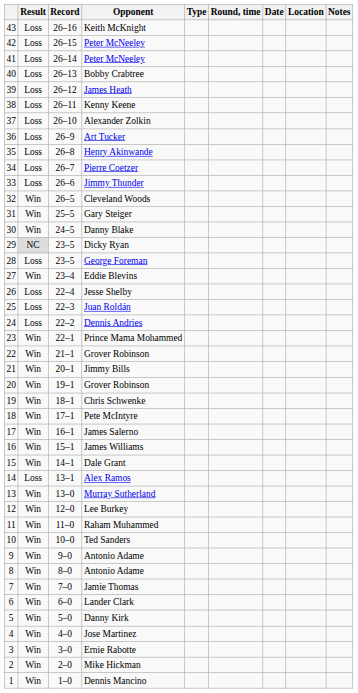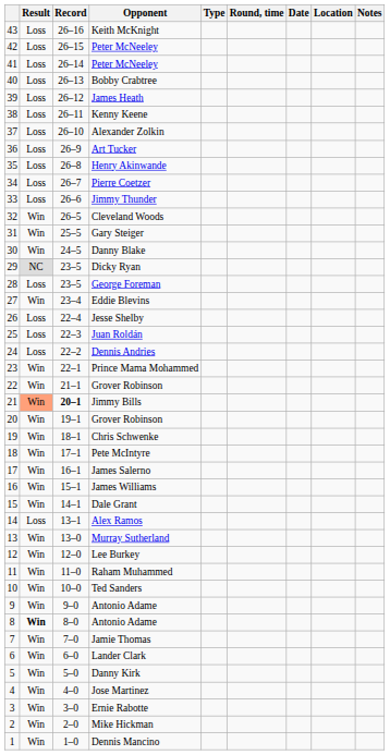 <table class="wikitable" style="text-align:center; font-size:95%">
 <tr>
 <th></th>
 <th>Result</th>
 <th>Record</th>
 <th>Opponent</th>
 <th>Type</th>
 <th>Round, time</th>
 <th>Date</th>
 <th>Location</th>
 <th>Notes</th>
 </tr>
 <tr>
 <td>43</td>
 <td>Loss</td>
 <td>26–16 </td>
 <td align=left> Keith McKnight</td>
 <td></td>
 <td></td>
 <td></td>
 <td align=left> </td>
 <td align=left></td>
 </tr>
 <tr>
 <td>42</td>
 <td>Loss</td>
 <td>26–15 </td>
 <td align=left> <a href='#'>Peter McNeeley</a></td>
 <td></td>
 <td></td>
 <td></td>
 <td align=left> </td>
 <td align=left></td>
 </tr>
 <tr>
 <td>41</td>
 <td>Loss</td>
 <td>26–14 </td>
 <td align=left> <a href='#'>Peter McNeeley</a></td>
 <td></td>
 <td></td>
 <td></td>
 <td align=left> </td>
 <td align=left></td>
 </tr>
 <tr>
 <td>40</td>
 <td>Loss</td>
 <td>26–13 </td>
 <td align=left> Bobby Crabtree</td>
 <td></td>
 <td></td>
 <td></td>
 <td align=left> </td>
 <td align=left></td>
 </tr>
 <tr>
 <td>39</td>
 <td>Loss</td>
 <td>26–12 </td>
 <td align=left> <a href='#'>James Heath</a></td>
 <td></td>
 <td></td>
 <td></td>
 <td align=left> </td>
 <td align=left></td>
 </tr>
 <tr>
 <td>38</td>
 <td>Loss</td>
 <td>26–11 </td>
 <td align=left> Kenny Keene</td>
 <td></td>
 <td></td>
 <td></td>
 <td align=left> </td>
 <td align=left></td>
 </tr>
 <tr>
 <td>37</td>
 <td>Loss</td>
 <td>26–10 </td>
 <td align=left> Alexander Zolkin</td>
 <td></td>
 <td></td>
 <td></td>
 <td align=left> </td>
 <td align=left></td>
 </tr>
 <tr>
 <td>36</td>
 <td>Loss</td>
 <td>26–9 </td>
 <td align=left> <a href='#'>Art Tucker</a></td>
 <td></td>
 <td></td>
 <td></td>
 <td align=left> </td>
 <td align=left></td>
 </tr>
 <tr>
 <td>35</td>
 <td>Loss</td>
 <td>26–8 </td>
 <td align=left> <a href='#'>Henry Akinwande</a></td>
 <td></td>
 <td></td>
 <td></td>
 <td align=left> </td>
 <td align=left></td>
 </tr>
 <tr>
 <td>34</td>
 <td>Loss</td>
 <td>26–7 </td>
 <td align=left> <a href='#'>Pierre Coetzer</a></td>
 <td></td>
 <td></td>
 <td></td>
 <td align=left> </td>
 <td align=left></td>
 </tr>
 <tr>
 <td>33</td>
 <td>Loss</td>
 <td>26–6 </td>
 <td align=left> <a href='#'>Jimmy Thunder</a></td>
 <td></td>
 <td></td>
 <td></td>
 <td align=left> </td>
 <td align=left></td>
 </tr>
 <tr>
 <td>32</td>
 <td>Win</td>
 <td>26–5 </td>
 <td align=left> Cleveland Woods</td>
 <td></td>
 <td></td>
 <td></td>
 <td align=left> </td>
 <td align=left></td>
 </tr>
 <tr>
 <td>31</td>
 <td>Win</td>
 <td>25–5 </td>
 <td align=left> Gary Steiger</td>
 <td></td>
 <td></td>
 <td></td>
 <td align=left> </td>
 <td align=left></td>
 </tr>
 <tr>
 <td>30</td>
 <td>Win</td>
 <td>24–5 </td>
 <td align=left> Danny Blake</td>
 <td></td>
 <td></td>
 <td></td>
 <td align=left> </td>
 <td align=left></td>
 </tr>
 <tr>
 <td>29</td>
 <td style="background:#DDD">NC</td>
 <td>23–5 </td>
 <td align=left> Dicky Ryan</td>
 <td></td>
 <td></td>
 <td></td>
 <td align=left> </td>
 <td align=left></td>
 </tr>
 <tr>
 <td>28</td>
 <td>Loss</td>
 <td>23–5</td>
 <td align=left> <a href='#'>George Foreman</a></td>
 <td></td>
 <td></td>
 <td></td>
 <td align=left> </td>
 <td align=left></td>
 </tr>
 <tr>
 <td>27</td>
 <td>Win</td>
 <td>23–4</td>
 <td align=left> Eddie Blevins</td>
 <td></td>
 <td></td>
 <td></td>
 <td align=left> </td>
 <td align=left></td>
 </tr>
 <tr>
 <td>26</td>
 <td>Loss</td>
 <td>22–4</td>
 <td align=left> Jesse Shelby</td>
 <td></td>
 <td></td>
 <td></td>
 <td align=left> </td>
 <td align=left></td>
 </tr>
 <tr>
 <td>25</td>
 <td>Loss</td>
 <td>22–3</td>
 <td align=left> <a href='#'>Juan Roldán</a></td>
 <td></td>
 <td></td>
 <td></td>
 <td align=left> </td>
 <td align=left></td>
 </tr>
 <tr>
 <td>24</td>
 <td>Loss</td>
 <td>22–2</td>
 <td align=left> <a href='#'>Dennis Andries</a></td>
 <td></td>
 <td></td>
 <td></td>
 <td align=left> </td>
 <td align=left></td>
 </tr>
 <tr>
 <td>23</td>
 <td>Win</td>
 <td>22–1</td>
 <td align=left> Prince Mama Mohammed</td>
 <td></td>
 <td></td>
 <td></td>
 <td align=left> </td>
 <td align=left></td>
 </tr>
 <tr>
 <td>22</td>
 <td>Win</td>
 <td>21–1</td>
 <td align=left> Grover Robinson</td>
 <td></td>
 <td></td>
 <td></td>
 <td align=left> </td>
 <td align=left></td>
 </tr>
 <tr>
 <td>21</td>
-<td>Win</td>
-<td>20–1</td>
+<td style="background: lightsalmon;">Win</td>
+<td><strong>20–1</strong></td>
 <td align=left> Jimmy Bills</td>
 <td></td>
 <td></td>
 <td></td>
 <td align=left> </td>
 <td align=left></td>
 </tr>
 <tr>
 <td>20</td>
 <td>Win</td>
 <td>19–1</td>
 <td align=left> Grover Robinson</td>
 <td></td>
 <td></td>
 <td></td>
 <td align=left> </td>
 <td align=left></td>
 </tr>
 <tr>
 <td>19</td>
 <td>Win</td>
 <td>18–1</td>
 <td align=left> Chris Schwenke</td>
 <td></td>
 <td></td>
 <td></td>
 <td align=left> </td>
 <td align=left></td>
 </tr>
 <tr>
 <td>18</td>
 <td>Win</td>
 <td>17–1</td>
 <td align=left> Pete McIntyre</td>
 <td></td>
 <td></td>
 <td></td>
 <td align=left> </td>
 <td align=left></td>
 </tr>
 <tr>
 <td>17</td>
 <td>Win</td>
 <td>16–1</td>
 <td align=left> James Salerno</td>
 <td></td>
 <td></td>
 <td></td>
 <td align=left> </td>
 <td align=left></td>
 </tr>
 <tr>
 <td>16</td>
 <td>Win</td>
 <td>15–1</td>
 <td align=left> James Williams</td>
 <td></td>
 <td></td>
 <td></td>
 <td align=left> </td>
 <td align=left></td>
 </tr>
 <tr>
 <td>15</td>
 <td>Win</td>
 <td>14–1</td>
 <td align=left> Dale Grant</td>
 <td></td>
 <td></td>
 <td></td>
 <td align=left> </td>
 <td align=left></td>
 </tr>
 <tr>
 <td>14</td>
 <td>Loss</td>
 <td>13–1</td>
 <td align=left> <a href='#'>Alex Ramos</a></td>
 <td></td>
 <td></td>
 <td></td>
 <td align=left> </td>
 <td align=left></td>
 </tr>
 <tr>
 <td>13</td>
 <td>Win</td>
 <td>13–0</td>
 <td align=left> <a href='#'>Murray Sutherland</a></td>
 <td></td>
 <td></td>
 <td></td>
 <td align=left> </td>
 <td align=left></td>
 </tr>
 <tr>
 <td>12</td>
 <td>Win</td>
 <td>12–0</td>
 <td align=left> Lee Burkey</td>
 <td></td>
 <td></td>
 <td></td>
 <td align=left> </td>
 <td align=left></td>
 </tr>
 <tr>
 <td>11</td>
 <td>Win</td>
 <td>11–0</td>
 <td align=left> Raham Muhammed</td>
 <td></td>
 <td></td>
 <td></td>
 <td align=left> </td>
 <td align=left></td>
 </tr>
 <tr>
 <td>10</td>
 <td>Win</td>
 <td>10–0</td>
 <td align=left> Ted Sanders</td>
 <td></td>
 <td></td>
 <td></td>
 <td align=left> </td>
 <td align=left></td>
 </tr>
 <tr>
 <td>9</td>
 <td>Win</td>
 <td>9–0</td>
 <td align=left> Antonio Adame</td>
 <td></td>
 <td></td>
 <td></td>
 <td align=left> </td>
 <td align=left></td>
 </tr>
 <tr>
 <td>8</td>
-<td>Win</td>
+<td><strong>Win</strong></td>
 <td>8–0</td>
 <td align=left> Antonio Adame</td>
 <td></td>
 <td></td>
 <td></td>
 <td align=left> </td>
 <td align=left></td>
 </tr>
 <tr>
 <td>7</td>
 <td>Win</td>
 <td>7–0</td>
 <td align=left> Jamie Thomas</td>
 <td></td>
 <td></td>
 <td></td>
 <td align=left> </td>
 <td align=left></td>
 </tr>
 <tr>
 <td>6</td>
 <td>Win</td>
 <td>6–0</td>
 <td align=left> Lander Clark</td>
 <td></td>
 <td></td>
 <td></td>
 <td align=left> </td>
 <td align=left></td>
 </tr>
 <tr>
 <td>5</td>
 <td>Win</td>
 <td>5–0</td>
 <td align=left> Danny Kirk</td>
 <td></td>
 <td></td>
 <td></td>
 <td align=left> </td>
 <td align=left></td>
 </tr>
 <tr>
 <td>4</td>
 <td>Win</td>
 <td>4–0</td>
 <td align=left> Jose Martinez</td>
 <td></td>
 <td></td>
 <td></td>
 <td align=left> </td>
 <td align=left></td>
 </tr>
 <tr>
 <td>3</td>
 <td>Win</td>
 <td>3–0</td>
 <td align=left> Ernie Rabotte</td>
 <td></td>
 <td></td>
 <td></td>
 <td align=left> </td>
 <td align=left></td>
 </tr>
 <tr>
 <td>2</td>
 <td>Win</td>
 <td>2–0</td>
 <td align=left> Mike Hickman</td>
 <td></td>
 <td></td>
 <td></td>
 <td align=left> </td>
 <td align=left></td>
 </tr>
 <tr>
 <td>1</td>
 <td>Win</td>
 <td>1–0</td>
 <td align=left> Dennis Mancino</td>
 <td></td>
 <td></td>
 <td></td>
 <td align=left> </td>
 <td align=left></td>
 </tr>
 </table>
